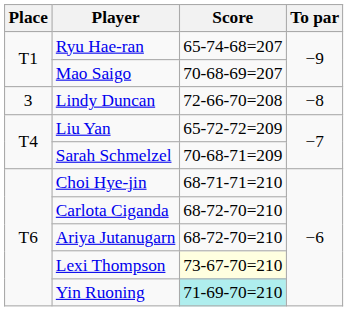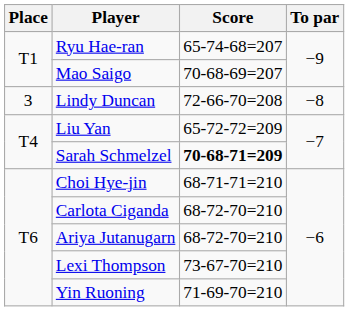 <table class="wikitable">
 <tr>
 <th>Place</th>
 <th>Player</th>
 <th>Score</th>
 <th>To par</th>
 </tr>
 <tr>
 <td rowspan=2 align=center>T1</td>
 <td> <a href='#'>Ryu Hae-ran</a></td>
 <td>65-74-68=207</td>
 <td rowspan=2  align=center>−9</td>
 </tr>
 <tr>
 <td> <a href='#'>Mao Saigo</a></td>
 <td>70-68-69=207</td>
 </tr>
 <tr>
 <td align=center>3</td>
 <td> <a href='#'>Lindy Duncan</a></td>
 <td>72-66-70=208</td>
 <td align=center>−8</td>
 </tr>
 <tr>
 <td rowspan=2 align=center>T4</td>
 <td> <a href='#'>Liu Yan</a></td>
 <td>65-72-72=209</td>
 <td rowspan=2  align=center>−7</td>
 </tr>
 <tr>
 <td> <a href='#'>Sarah Schmelzel</a></td>
-<td>70-68-71=209</td>
+<td><strong>70-68-71=209</strong></td>
 </tr>
 <tr>
 <td rowspan=5 align=center>T6</td>
 <td> <a href='#'>Choi Hye-jin</a></td>
 <td>68-71-71=210</td>
 <td rowspan=5  align=center>−6</td>
 </tr>
 <tr>
 <td> <a href='#'>Carlota Ciganda</a></td>
 <td>68-72-70=210</td>
 </tr>
 <tr>
 <td> <a href='#'>Ariya Jutanugarn</a></td>
 <td>68-72-70=210</td>
 </tr>
 <tr>
 <td> <a href='#'>Lexi Thompson</a></td>
-<td style="background: lightyellow;">73-67-70=210</td>
+<td>73-67-70=210</td>
 </tr>
 <tr>
 <td> <a href='#'>Yin Ruoning</a></td>
-<td style="background: paleturquoise;">71-69-70=210</td>
+<td>71-69-70=210</td>
 </tr>
 </table>
